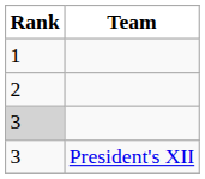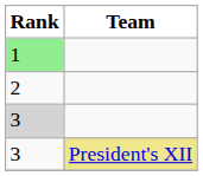 <table class="wikitable collapsible">
 <tr>
 <th style="background:white;">Rank</th>
 <th style="background:white;">Team</th>
 </tr>
 <tr>
-<td>1</td>
+<td style="background: lightgreen;">1</td>
 <td></td>
 </tr>
 <tr>
 <td>2</td>
 <td></td>
 </tr>
 <tr>
 <td style="background: lightgrey;">3</td>
 <td></td>
 </tr>
 <tr>
 <td>3</td>
-<td> <a href='#'>President's XII</a></td>
+<td style="background: khaki;"> <a href='#'>President's XII</a></td>
 </tr>
 <tr>
 </tr>
 </table>
